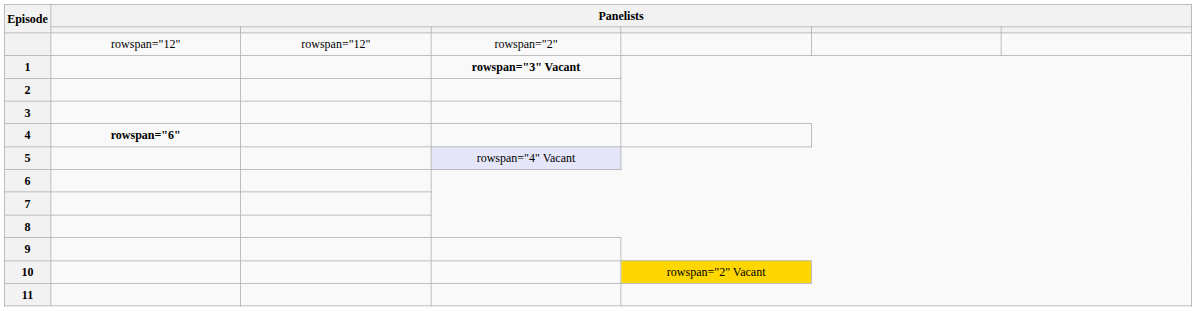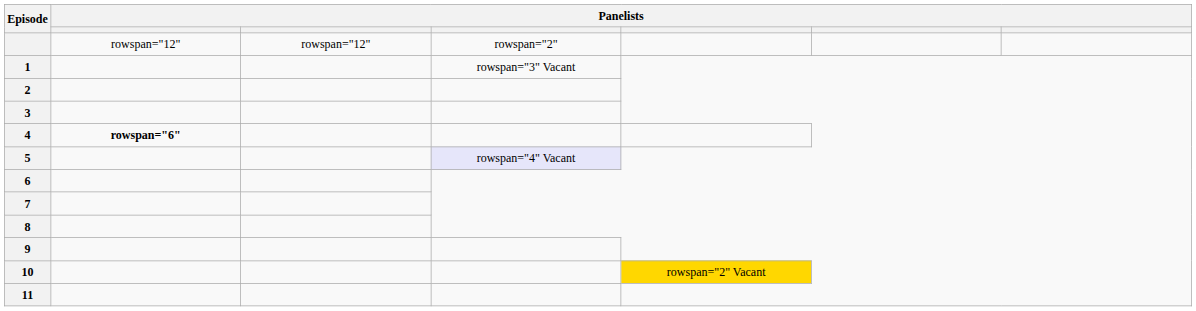 <table class="wikitable plainrowheaders mw-collapsible" style="text-align:center; line-height:23px; width:100%;">
 <tr>
 <th rowspan="2" width="1%">Episode</th>
 <th colspan="6">Panelists</th>
 </tr>
 <tr>
 <th width="16%"></th>
 <th width="16%"></th>
 <th width="16%"></th>
 <th width="16%"></th>
 <th width="16%"></th>
 <th width="16%"></th>
 </tr>
 <tr>
 <th></th>
 <td>rowspan="12" </td>
 <td>rowspan="12" </td>
 <td>rowspan="2" </td>
 <td></td>
 <td></td>
 <td></td>
 </tr>
 <tr>
 <th>1</th>
 <td></td>
 <td></td>
-<td><strong>rowspan="3"  Vacant</strong></td>
+<td>rowspan="3"  Vacant</td>
 </tr>
 <tr>
 <th>2</th>
 <td></td>
 <td></td>
 <td></td>
 </tr>
 <tr>
 <th>3</th>
 <td></td>
 <td></td>
 <td></td>
 </tr>
 <tr>
 <th>4</th>
 <td><strong>rowspan="6" </strong></td>
 <td></td>
 <td></td>
 <td></td>
 </tr>
 <tr>
 <th>5</th>
 <td></td>
 <td></td>
 <td style="background: lavender;">rowspan="4" Vacant</td>
 </tr>
 <tr>
 <th>6</th>
 <td></td>
 <td></td>
 </tr>
 <tr>
 <th>7</th>
 <td></td>
 <td></td>
 </tr>
 <tr>
 <th>8</th>
 <td></td>
 <td></td>
 </tr>
 <tr>
 <th>9</th>
 <td></td>
 <td></td>
 <td></td>
 </tr>
 <tr>
 <th>10</th>
 <td></td>
 <td></td>
 <td></td>
 <td style="background: gold;">rowspan="2"  Vacant</td>
 </tr>
 <tr>
 <th>11</th>
 <td></td>
 <td></td>
 <td></td>
 </tr>
 </table>
